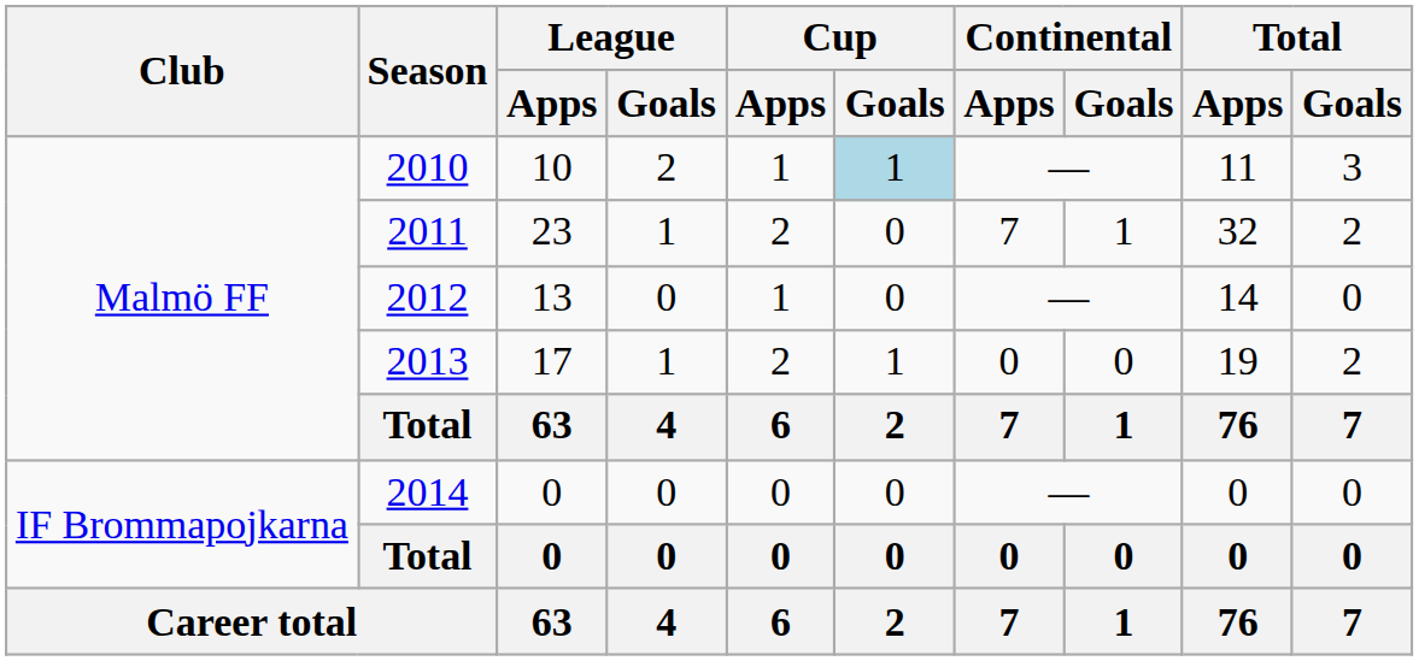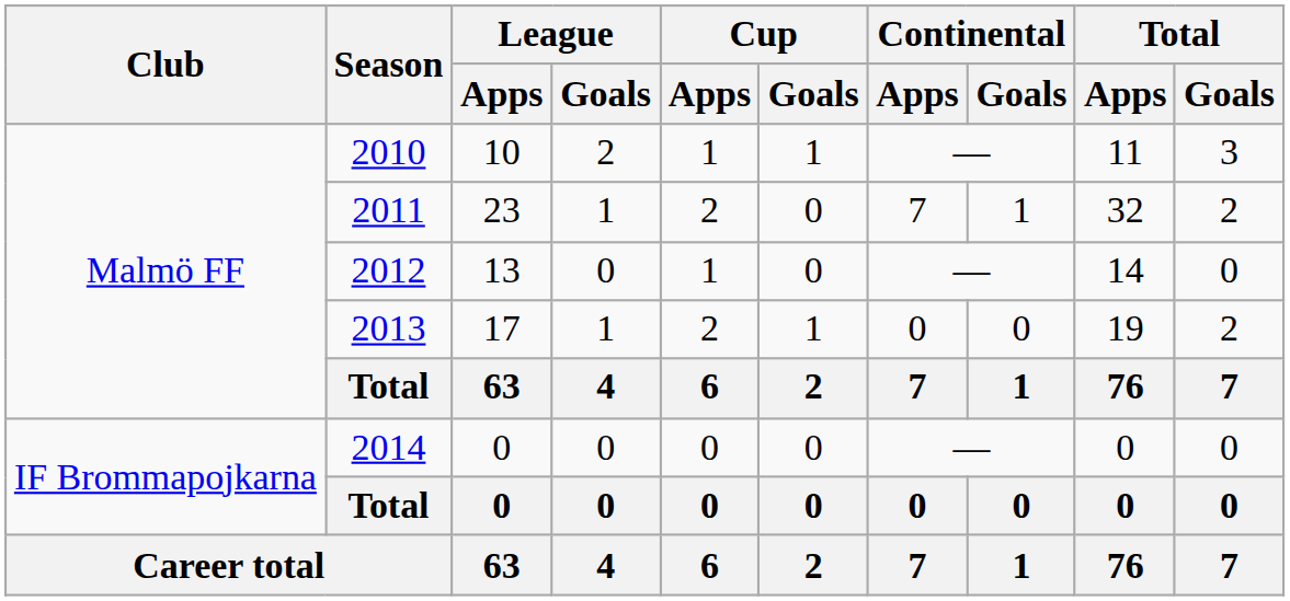 <table class="wikitable" style="text-align:center;">
 <tr>
 <th rowspan="2">Club</th>
 <th rowspan="2">Season</th>
 <th colspan="2">League</th>
 <th colspan="2">Cup</th>
 <th colspan="2">Continental</th>
 <th colspan="2">Total</th>
 </tr>
 <tr>
 <th>Apps</th>
 <th>Goals</th>
 <th>Apps</th>
 <th>Goals</th>
 <th>Apps</th>
 <th>Goals</th>
 <th>Apps</th>
 <th>Goals</th>
 </tr>
 <tr>
 <td rowspan="5"><a href='#'>Malmö FF</a></td>
 <td><a href='#'>2010</a></td>
 <td>10</td>
 <td>2</td>
 <td>1</td>
-<td style="background: lightblue;">1</td>
+<td>1</td>
 <td colspan="2">—</td>
 <td>11</td>
 <td>3</td>
 </tr>
 <tr>
 <td><a href='#'>2011</a></td>
 <td>23</td>
 <td>1</td>
 <td>2</td>
 <td>0</td>
 <td>7</td>
 <td>1</td>
 <td>32</td>
 <td>2</td>
 </tr>
 <tr>
 <td><a href='#'>2012</a></td>
 <td>13</td>
 <td>0</td>
 <td>1</td>
 <td>0</td>
 <td colspan="2">—</td>
 <td>14</td>
 <td>0</td>
 </tr>
 <tr>
 <td><a href='#'>2013</a></td>
 <td>17</td>
 <td>1</td>
 <td>2</td>
 <td>1</td>
 <td>0</td>
 <td>0</td>
 <td>19</td>
 <td>2</td>
 </tr>
 <tr>
 <th>Total</th>
 <th>63</th>
 <th>4</th>
 <th>6</th>
 <th>2</th>
 <th>7</th>
 <th>1</th>
 <th>76</th>
 <th>7</th>
 </tr>
 <tr>
 <td rowspan="2"><a href='#'>IF Brommapojkarna</a></td>
 <td><a href='#'>2014</a></td>
 <td>0</td>
 <td>0</td>
 <td>0</td>
 <td>0</td>
 <td colspan="2">—</td>
 <td>0</td>
 <td>0</td>
 </tr>
 <tr>
 <th>Total</th>
 <th>0</th>
 <th>0</th>
 <th>0</th>
 <th>0</th>
 <th>0</th>
 <th>0</th>
 <th>0</th>
 <th>0</th>
 </tr>
 <tr>
 <th colspan="2">Career total</th>
 <th>63</th>
 <th>4</th>
 <th>6</th>
 <th>2</th>
 <th>7</th>
 <th>1</th>
 <th>76</th>
 <th>7</th>
 </tr>
 </table>
